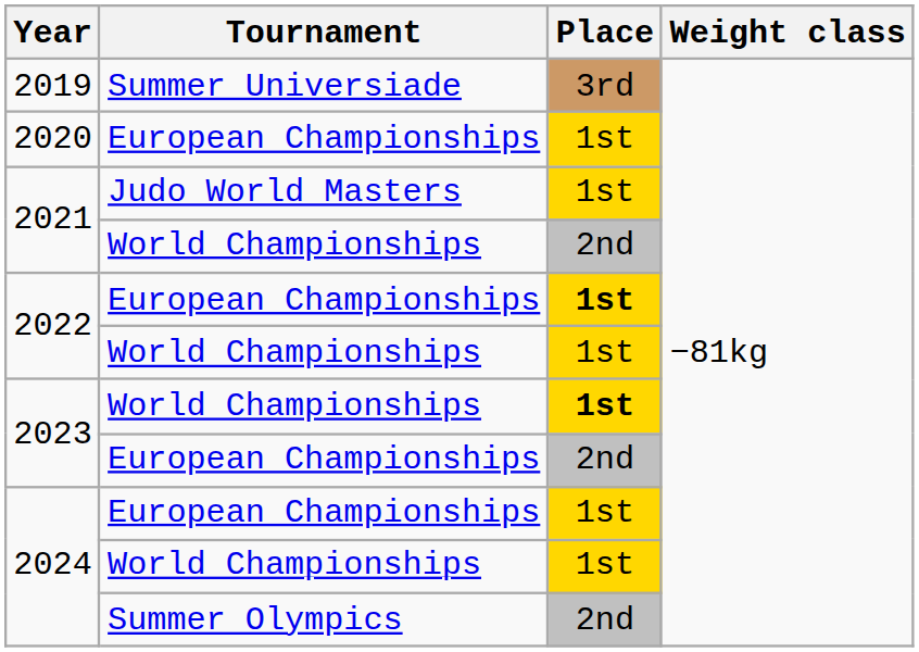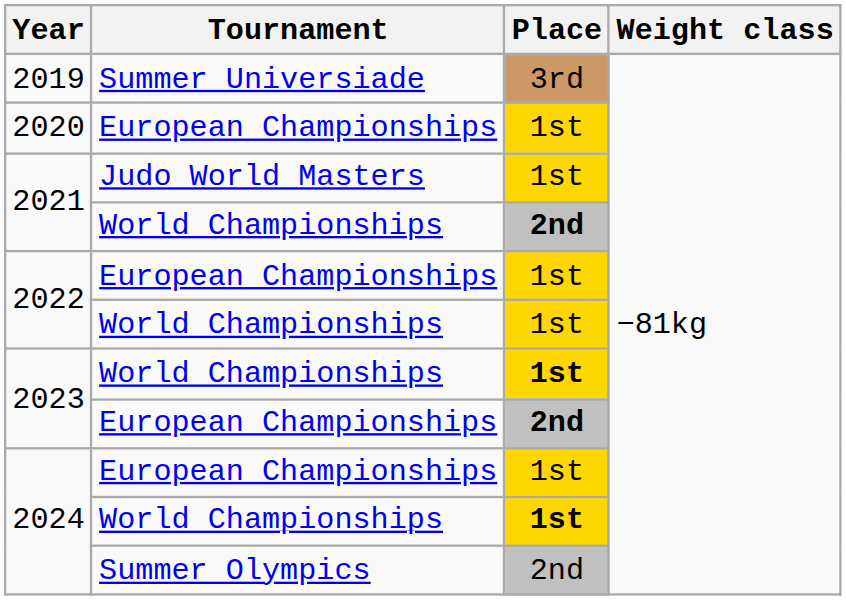 <table class=wikitable>
 <tr>
 <th>Year</th>
 <th>Tournament</th>
 <th>Place</th>
 <th>Weight class</th>
 </tr>
 <tr>
 <td>2019</td>
 <td><a href='#'>Summer Universiade</a></td>
 <td bgcolor="cc9966" align="center">3rd</td>
 <td rowspan="11">−81kg</td>
 </tr>
 <tr>
 <td>2020</td>
 <td><a href='#'>European Championships</a></td>
 <td bgcolor="gold" align="center">1st</td>
 </tr>
 <tr>
 <td rowspan=2>2021</td>
 <td><a href='#'>Judo World Masters</a></td>
 <td bgcolor="gold" align="center">1st</td>
 </tr>
 <tr>
 <td><a href='#'>World Championships</a></td>
-<td bgcolor="silver" align="center">2nd</td>
+<td bgcolor="silver" align="center"><strong>2nd</strong></td>
 </tr>
 <tr>
 <td rowspan=2>2022</td>
 <td><a href='#'>European Championships</a></td>
-<td bgcolor="gold" align="center"><strong>1st</strong></td>
+<td bgcolor="gold" align="center">1st</td>
 </tr>
 <tr>
 <td><a href='#'>World Championships</a></td>
 <td bgcolor="gold" align="center">1st</td>
 </tr>
 <tr>
 <td rowspan=2>2023</td>
 <td><a href='#'>World Championships</a></td>
 <td bgcolor="gold" align="center"><strong>1st</strong></td>
 </tr>
 <tr>
 <td><a href='#'>European Championships</a></td>
-<td bgcolor="silver" align="center">2nd</td>
+<td bgcolor="silver" align="center"><strong>2nd</strong></td>
 </tr>
 <tr>
 <td rowspan=3>2024</td>
 <td><a href='#'>European Championships</a></td>
 <td bgcolor="gold" align="center">1st</td>
 </tr>
 <tr>
 <td><a href='#'>World Championships</a></td>
-<td bgcolor="gold" align="center">1st</td>
+<td bgcolor="gold" align="center"><strong>1st</strong></td>
 </tr>
 <tr>
 <td><a href='#'>Summer Olympics</a></td>
 <td bgcolor="silver" align="center">2nd</td>
 </tr>
 </table>
